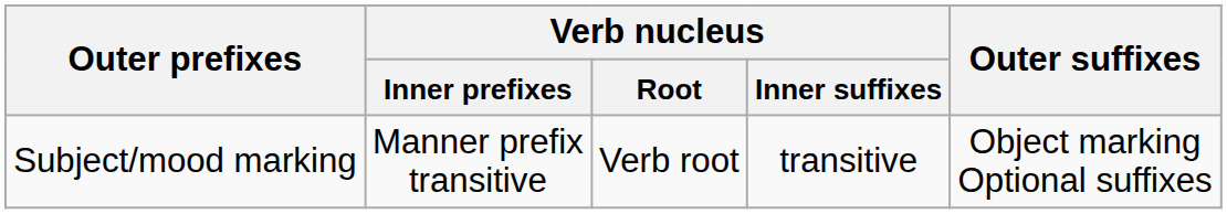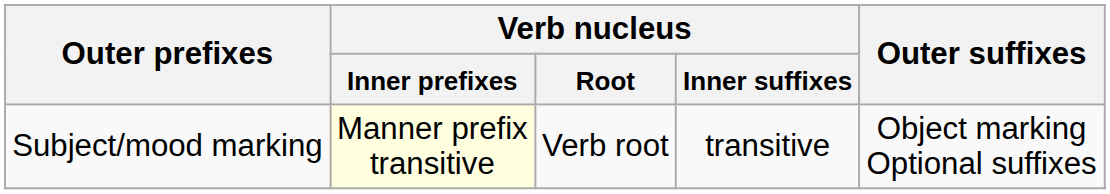 <table class="wikitable" style="text-align: center">
 <tr>
 <th rowspan="2">Outer prefixes</th>
 <th colspan="3">Verb nucleus</th>
 <th rowspan="2">Outer suffixes</th>
 </tr>
 <tr>
 <th><small>Inner prefixes</small></th>
 <th><small>Root</small></th>
 <th><small>Inner suffixes</small></th>
 </tr>
 <tr>
 <td>Subject/mood marking</td>
-<td>Manner prefix<br> transitive</td>
+<td style="background: lightyellow;">Manner prefix<br> transitive</td>
 <td>Verb root</td>
 <td> transitive</td>
 <td>Object marking<br>Optional suffixes</td>
 </tr>
 </table>
